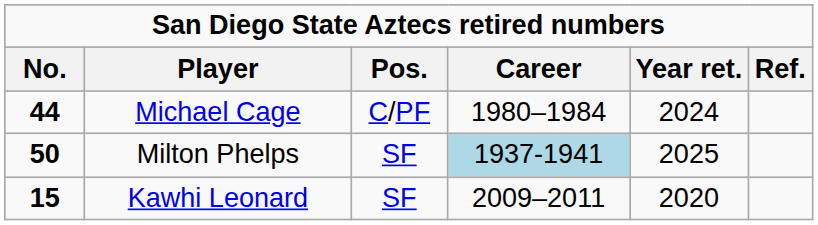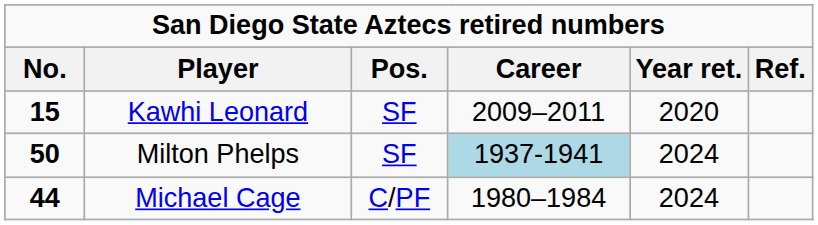 <table class="wikitable sortable" style="text-align:center">
 <tr>
 <td colspan="6"><strong>San Diego State Aztecs retired numbers</strong></td>
 </tr>
 <tr>
 <th width="40px">No.</th>
 <th width="150px">Player</th>
 <th width="50px">Pos.</th>
 <th width="100px">Career</th>
 <th width="px">Year ret.</th>
 <th width="px">Ref.</th>
 </tr>
 <tr>
+<td><strong>15</strong></td>
+<td><a href='#'>Kawhi Leonard</a></td>
+<td><a href='#'>SF</a></td>
+<td>2009–2011</td>
+<td>2020</td>
+<td></td>
+</tr>
+<tr>
+<td><strong>50</strong></td>
+<td>Milton Phelps</td>
+<td><a href='#'>SF</a></td>
+<td style="background: lightblue;">1937-1941</td>
+<td>2024</td>
+<td></td>
+</tr>
+<tr>
 <td><strong>44</strong></td>
 <td><a href='#'>Michael Cage</a></td>
 <td><a href='#'>C</a>/<a href='#'>PF</a></td>
 <td>1980–1984</td>
 <td>2024</td>
 <td></td>
 </tr>
-<tr>
-<td><strong>50</strong></td>
-<td>Milton Phelps</td>
-<td><a href='#'>SF</a></td>
-<td style="background: lightblue;">1937-1941</td>
-<td>2025</td>
-<td></td>
-</tr>
-<tr>
-<td><strong>15</strong></td>
-<td><a href='#'>Kawhi Leonard</a></td>
-<td><a href='#'>SF</a></td>
-<td>2009–2011</td>
-<td>2020</td>
-<td></td>
-</tr>
 </table>
